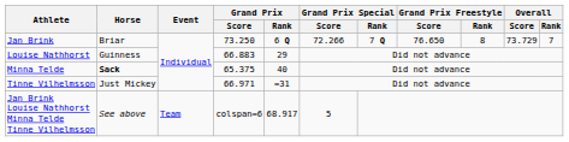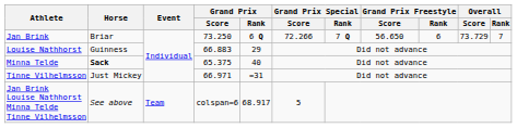 <table class=wikitable style="font-size:90%">
 <tr>
 <th rowspan="2">Athlete</th>
 <th rowspan="2">Horse</th>
 <th rowspan="2">Event</th>
 <th colspan="2">Grand Prix</th>
 <th colspan="2">Grand Prix Special</th>
 <th colspan="2">Grand Prix Freestyle</th>
 <th colspan="2">Overall</th>
 </tr>
 <tr style="font-size:95%">
 <th>Score</th>
 <th>Rank</th>
 <th>Score</th>
 <th>Rank</th>
 <th>Score</th>
 <th>Rank</th>
 <th>Score</th>
 <th>Rank</th>
 </tr>
 <tr align=center>
 <td align=left><a href='#'>Jan Brink</a></td>
 <td align=left>Briar</td>
 <td align=left rowspan=4><a href='#'>Individual</a></td>
 <td>73.250</td>
 <td>6 <strong>Q</strong></td>
 <td>72.266</td>
 <td>7 <strong>Q</strong></td>
-<td>76.650</td>
-<td>8</td>
+<td>56.650</td>
+<td>6</td>
 <td>73.729</td>
 <td>7</td>
 </tr>
 <tr align=center>
 <td align=left><a href='#'>Louise Nathhorst</a></td>
 <td align=left>Guinness</td>
 <td>66.883</td>
 <td>29</td>
 <td colspan=6>Did not advance</td>
 </tr>
 <tr align=center>
 <td align=left><a href='#'>Minna Telde</a></td>
 <td align=left><strong>Sack</strong></td>
 <td>65.375</td>
 <td>40</td>
 <td colspan=6>Did not advance</td>
 </tr>
 <tr align=center>
 <td align=left><a href='#'>Tinne Vilhelmsson</a></td>
 <td align=left>Just Mickey</td>
 <td>66.971</td>
 <td>=31</td>
 <td colspan=6>Did not advance</td>
 </tr>
 <tr align=center>
 <td align=left><a href='#'>Jan Brink</a><br><a href='#'>Louise Nathhorst</a><br><a href='#'>Minna Telde</a><br><a href='#'>Tinne Vilhelmsson</a></td>
 <td align=left><em>See above</em></td>
 <td align=left><a href='#'>Team</a></td>
 <td>colspan=6 </td>
 <td>68.917</td>
 <td>5</td>
 </tr>
 </table>
